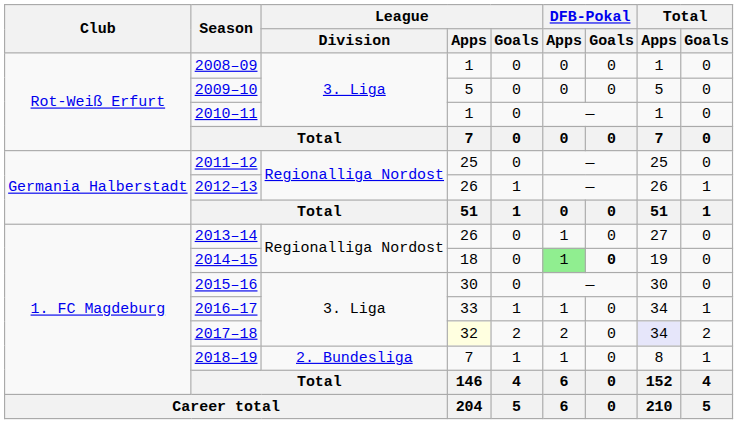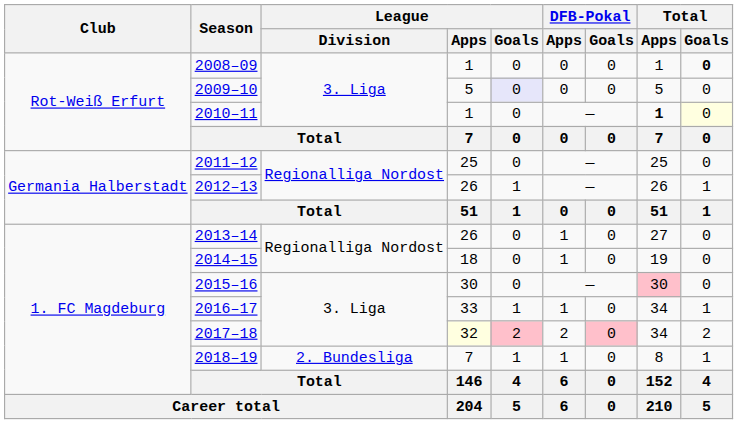 <table class="wikitable" style="text-align:center">
 <tr>
 <th rowspan="2">Club</th>
 <th rowspan="2">Season</th>
 <th colspan="3">League</th>
 <th colspan="2"><a href='#'>DFB-Pokal</a></th>
 <th colspan="2">Total</th>
 </tr>
 <tr>
 <th>Division</th>
 <th>Apps</th>
 <th>Goals</th>
 <th>Apps</th>
 <th>Goals</th>
 <th>Apps</th>
 <th>Goals</th>
 </tr>
 <tr>
 <td rowspan="4"><a href='#'>Rot-Weiß Erfurt</a></td>
 <td><a href='#'>2008–09</a></td>
 <td rowspan="3"><a href='#'>3. Liga</a></td>
 <td>1</td>
 <td>0</td>
 <td>0</td>
 <td>0</td>
 <td>1</td>
-<td>0</td>
+<td><strong>0</strong></td>
 </tr>
 <tr>
 <td><a href='#'>2009–10</a></td>
 <td>5</td>
-<td>0</td>
+<td style="background: lavender;">0</td>
 <td>0</td>
 <td>0</td>
 <td>5</td>
 <td>0</td>
 </tr>
 <tr>
 <td><a href='#'>2010–11</a></td>
 <td>1</td>
 <td>0</td>
 <td colspan="2">—</td>
-<td>1</td>
-<td>0</td>
+<td><strong>1</strong></td>
+<td style="background: lightyellow;">0</td>
 </tr>
 <tr>
 <th colspan="2">Total</th>
 <th>7</th>
 <th>0</th>
 <th>0</th>
 <th>0</th>
 <th>7</th>
 <th>0</th>
 </tr>
 <tr>
 <td rowspan="3"><a href='#'>Germania Halberstadt</a></td>
 <td><a href='#'>2011–12</a></td>
 <td rowspan="2"><a href='#'>Regionalliga Nordost</a></td>
 <td>25</td>
 <td>0</td>
 <td colspan="2">—</td>
 <td>25</td>
 <td>0</td>
 </tr>
 <tr>
 <td><a href='#'>2012–13</a></td>
 <td>26</td>
 <td>1</td>
 <td colspan="2">—</td>
 <td>26</td>
 <td>1</td>
 </tr>
 <tr>
 <th colspan="2">Total</th>
 <th>51</th>
 <th>1</th>
 <th>0</th>
 <th>0</th>
 <th>51</th>
 <th>1</th>
 </tr>
 <tr>
 <td rowspan="7"><a href='#'>1. FC Magdeburg</a></td>
 <td><a href='#'>2013–14</a></td>
 <td rowspan="2">Regionalliga Nordost</td>
 <td>26</td>
 <td>0</td>
 <td>1</td>
 <td>0</td>
 <td>27</td>
 <td>0</td>
 </tr>
 <tr>
 <td><a href='#'>2014–15</a></td>
 <td>18</td>
 <td>0</td>
-<td style="background: lightgreen;">1</td>
-<td><strong>0</strong></td>
+<td>1</td>
+<td>0</td>
 <td>19</td>
 <td>0</td>
 </tr>
 <tr>
 <td><a href='#'>2015–16</a></td>
 <td rowspan="3">3. Liga</td>
 <td>30</td>
 <td>0</td>
 <td colspan="2">—</td>
-<td>30</td>
+<td style="background: pink;">30</td>
 <td>0</td>
 </tr>
 <tr>
 <td><a href='#'>2016–17</a></td>
 <td>33</td>
 <td>1</td>
 <td>1</td>
 <td>0</td>
 <td>34</td>
 <td>1</td>
 </tr>
 <tr>
 <td><a href='#'>2017–18</a></td>
 <td style="background: lightyellow;">32</td>
+<td style="background: pink;">2</td>
 <td>2</td>
-<td>2</td>
-<td>0</td>
-<td style="background: lavender;">34</td>
+<td style="background: pink;">0</td>
+<td>34</td>
 <td>2</td>
 </tr>
 <tr>
 <td><a href='#'>2018–19</a></td>
 <td><a href='#'>2. Bundesliga</a></td>
 <td>7</td>
 <td>1</td>
 <td>1</td>
 <td>0</td>
 <td>8</td>
 <td>1</td>
 </tr>
 <tr>
 <th colspan="2">Total</th>
 <th>146</th>
 <th>4</th>
 <th>6</th>
 <th>0</th>
 <th>152</th>
 <th>4</th>
 </tr>
 <tr>
 <th colspan="3">Career total</th>
 <th>204</th>
 <th>5</th>
 <th>6</th>
 <th>0</th>
 <th>210</th>
 <th>5</th>
 </tr>
 </table>
